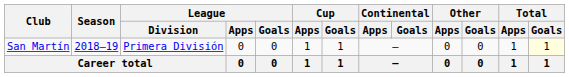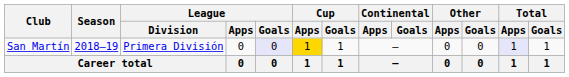 <table class="wikitable" style="text-align:center">
 <tr>
 <th rowspan="2">Club</th>
 <th rowspan="2">Season</th>
 <th colspan="3">League</th>
 <th colspan="2">Cup</th>
 <th colspan="2">Continental</th>
 <th colspan="2">Other</th>
 <th colspan="2">Total</th>
 </tr>
 <tr>
 <th>Division</th>
 <th>Apps</th>
 <th>Goals</th>
 <th>Apps</th>
 <th>Goals</th>
 <th>Apps</th>
 <th>Goals</th>
 <th>Apps</th>
 <th>Goals</th>
 <th>Apps</th>
 <th>Goals</th>
 </tr>
 <tr>
 <td rowspan="1"><a href='#'>San Martín</a></td>
 <td><a href='#'>2018–19</a></td>
 <td rowspan="1"><a href='#'>Primera División</a></td>
 <td>0</td>
-<td>0</td>
-<td>1</td>
+<td style="background: lavender;">0</td>
+<td style="background: gold;">1</td>
 <td>1</td>
 <td colspan="2">—</td>
 <td>0</td>
 <td>0</td>
+<td style="background: lavender;">1</td>
 <td>1</td>
-<td style="background: lightyellow;">1</td>
 </tr>
 <tr>
 <th colspan="3">Career total</th>
 <th>0</th>
 <th>0</th>
 <th>1</th>
 <th>1</th>
 <th colspan="2">—</th>
 <th>0</th>
 <th>0</th>
 <th>1</th>
 <th>1</th>
 </tr>
 </table>
